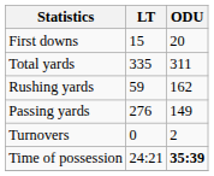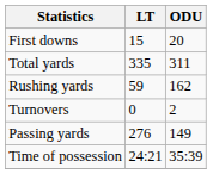 <table class="wikitable">
 <tr>
 <th>Statistics</th>
 <th>LT</th>
 <th>ODU</th>
 </tr>
 <tr>
 <td>First downs</td>
 <td>15</td>
 <td>20</td>
 </tr>
 <tr>
 <td>Total yards</td>
 <td>335</td>
 <td>311</td>
 </tr>
 <tr>
 <td>Rushing yards</td>
 <td>59</td>
 <td>162</td>
 </tr>
 <tr>
+<td>Turnovers</td>
+<td>0</td>
+<td>2</td>
+</tr>
+<tr>
 <td>Passing yards</td>
 <td>276</td>
 <td>149</td>
 </tr>
 <tr>
-<td>Turnovers</td>
-<td>0</td>
-<td>2</td>
-</tr>
-<tr>
 <td>Time of possession</td>
 <td>24:21</td>
-<td><strong>35:39</strong></td>
+<td>35:39</td>
 </tr>
 <tr>
 </tr>
 </table>
